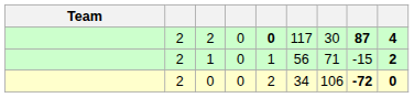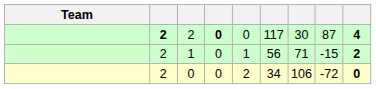 <table class="wikitable" style="text-align: center; font-size:90% ">
 <tr>
 <th width=160>Team</th>
 <th width=25></th>
 <th width=25></th>
 <th width=25></th>
 <th width=25></th>
 <th width=25></th>
 <th width=25></th>
 <th width=25></th>
 <th width=25></th>
 </tr>
 <tr bgcolor=ccffcc>
 <td align=left></td>
+<td><strong>2</strong></td>
 <td>2</td>
-<td>2</td>
+<td><strong>0</strong></td>
 <td>0</td>
-<td><strong>0</strong></td>
 <td>117</td>
 <td>30</td>
-<td><strong>87</strong></td>
+<td>87</td>
 <td><strong>4</strong></td>
 </tr>
 <tr bgcolor=ccffcc>
 <td align=left></td>
 <td>2</td>
 <td>1</td>
 <td>0</td>
 <td>1</td>
 <td>56</td>
 <td>71</td>
 <td>-15</td>
 <td><strong>2</strong></td>
 </tr>
 <tr bgcolor=ffffcc>
 <td align=left></td>
 <td>2</td>
 <td>0</td>
 <td>0</td>
 <td>2</td>
 <td>34</td>
 <td>106</td>
-<td><strong>-72</strong></td>
+<td>-72</td>
 <td><strong>0</strong></td>
 </tr>
 </table>
